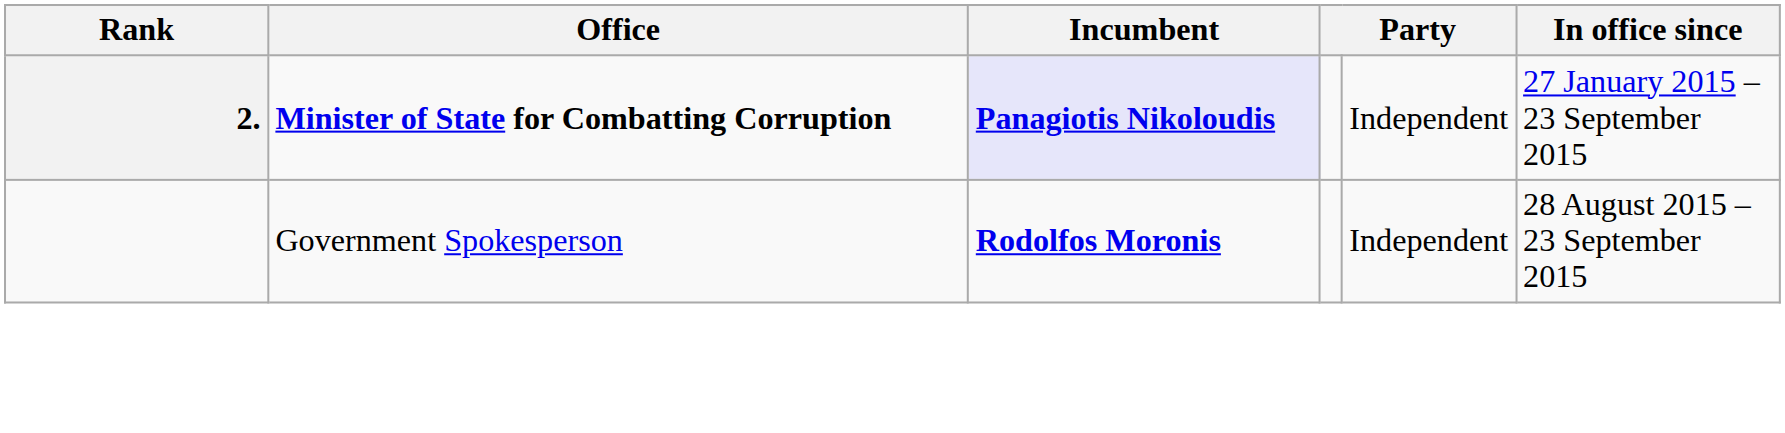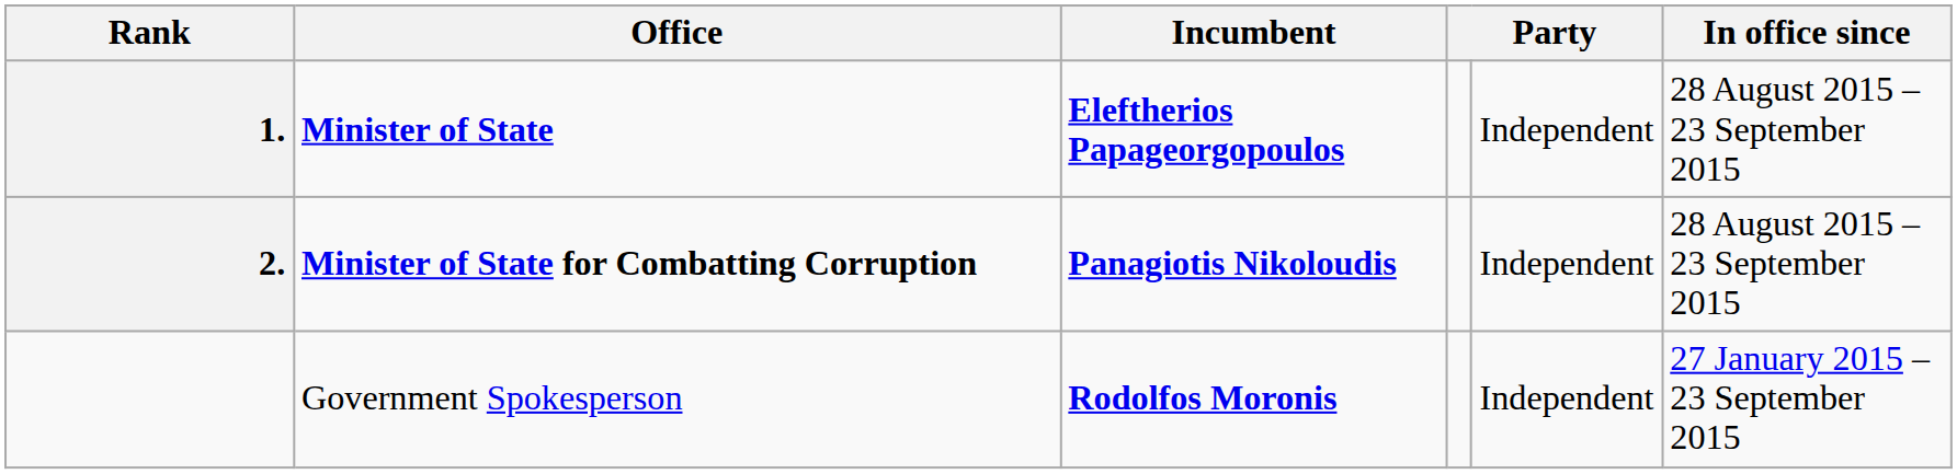 <table class="wikitable" style="width: 100%;">
 <tr>
 <th width=15%>Rank</th>
 <th width=40%>Office</th>
 <th width=20%>Incumbent</th>
 <th colspan=2 width=10%>Party</th>
 <th width=15%>In office since</th>
 </tr>
 <tr>
+<th style="text-align: right">1.</th>
+<td><strong><a href='#'>Minister of State</a></strong></td>
+<td><strong><a href='#'>Eleftherios Papageorgopoulos</a></strong></td>
+<td width=5px style="background-color: "></td>
+<td>Independent</td>
+<td>28 August 2015 – 23 September 2015</td>
+</tr>
+<tr>
 <th style="text-align: right">2.</th>
 <td><strong><a href='#'>Minister of State</a> for Combatting Corruption</strong></td>
-<td style="background: lavender;"><strong><a href='#'>Panagiotis Nikoloudis</a></strong></td>
+<td><strong><a href='#'>Panagiotis Nikoloudis</a></strong></td>
 <td width=5px style="background-color: "></td>
 <td>Independent</td>
-<td><a href='#'>27 January 2015</a> – 23 September 2015</td>
+<td>28 August 2015 – 23 September 2015</td>
 </tr>
 <tr>
 <td style="text-align: right"></td>
 <td>Government <a href='#'>Spokesperson</a></td>
 <td><strong><a href='#'>Rodolfos Moronis</a></strong></td>
 <td width=5px style="background-color: "></td>
 <td>Independent</td>
-<td>28 August 2015 – 23 September 2015</td>
+<td><a href='#'>27 January 2015</a> – 23 September 2015</td>
 </tr>
 </table>
